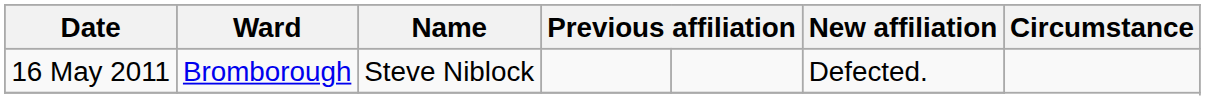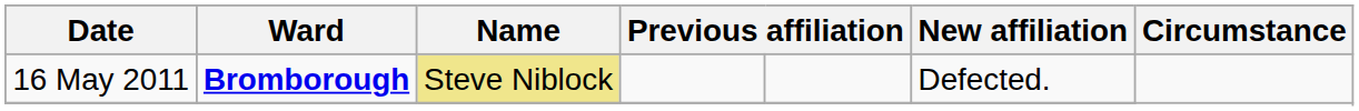 <table class="wikitable" style="font-size: 95%;">
 <tr>
 <th>Date</th>
 <th>Ward</th>
 <th>Name</th>
 <th colspan="2">Previous affiliation</th>
 <th colspan="2">New affiliation</th>
 <th>Circumstance</th>
 </tr>
 <tr>
 <td>16 May 2011</td>
-<td><a href='#'>Bromborough</a></td>
-<td>Steve Niblock</td>
+<td><strong><a href='#'>Bromborough</a></strong></td>
+<td style="background: khaki;">Steve Niblock</td>
 <td></td>
 <td></td>
 <td>Defected.</td>
 </tr>
 <tr>
 </tr>
 </table>
